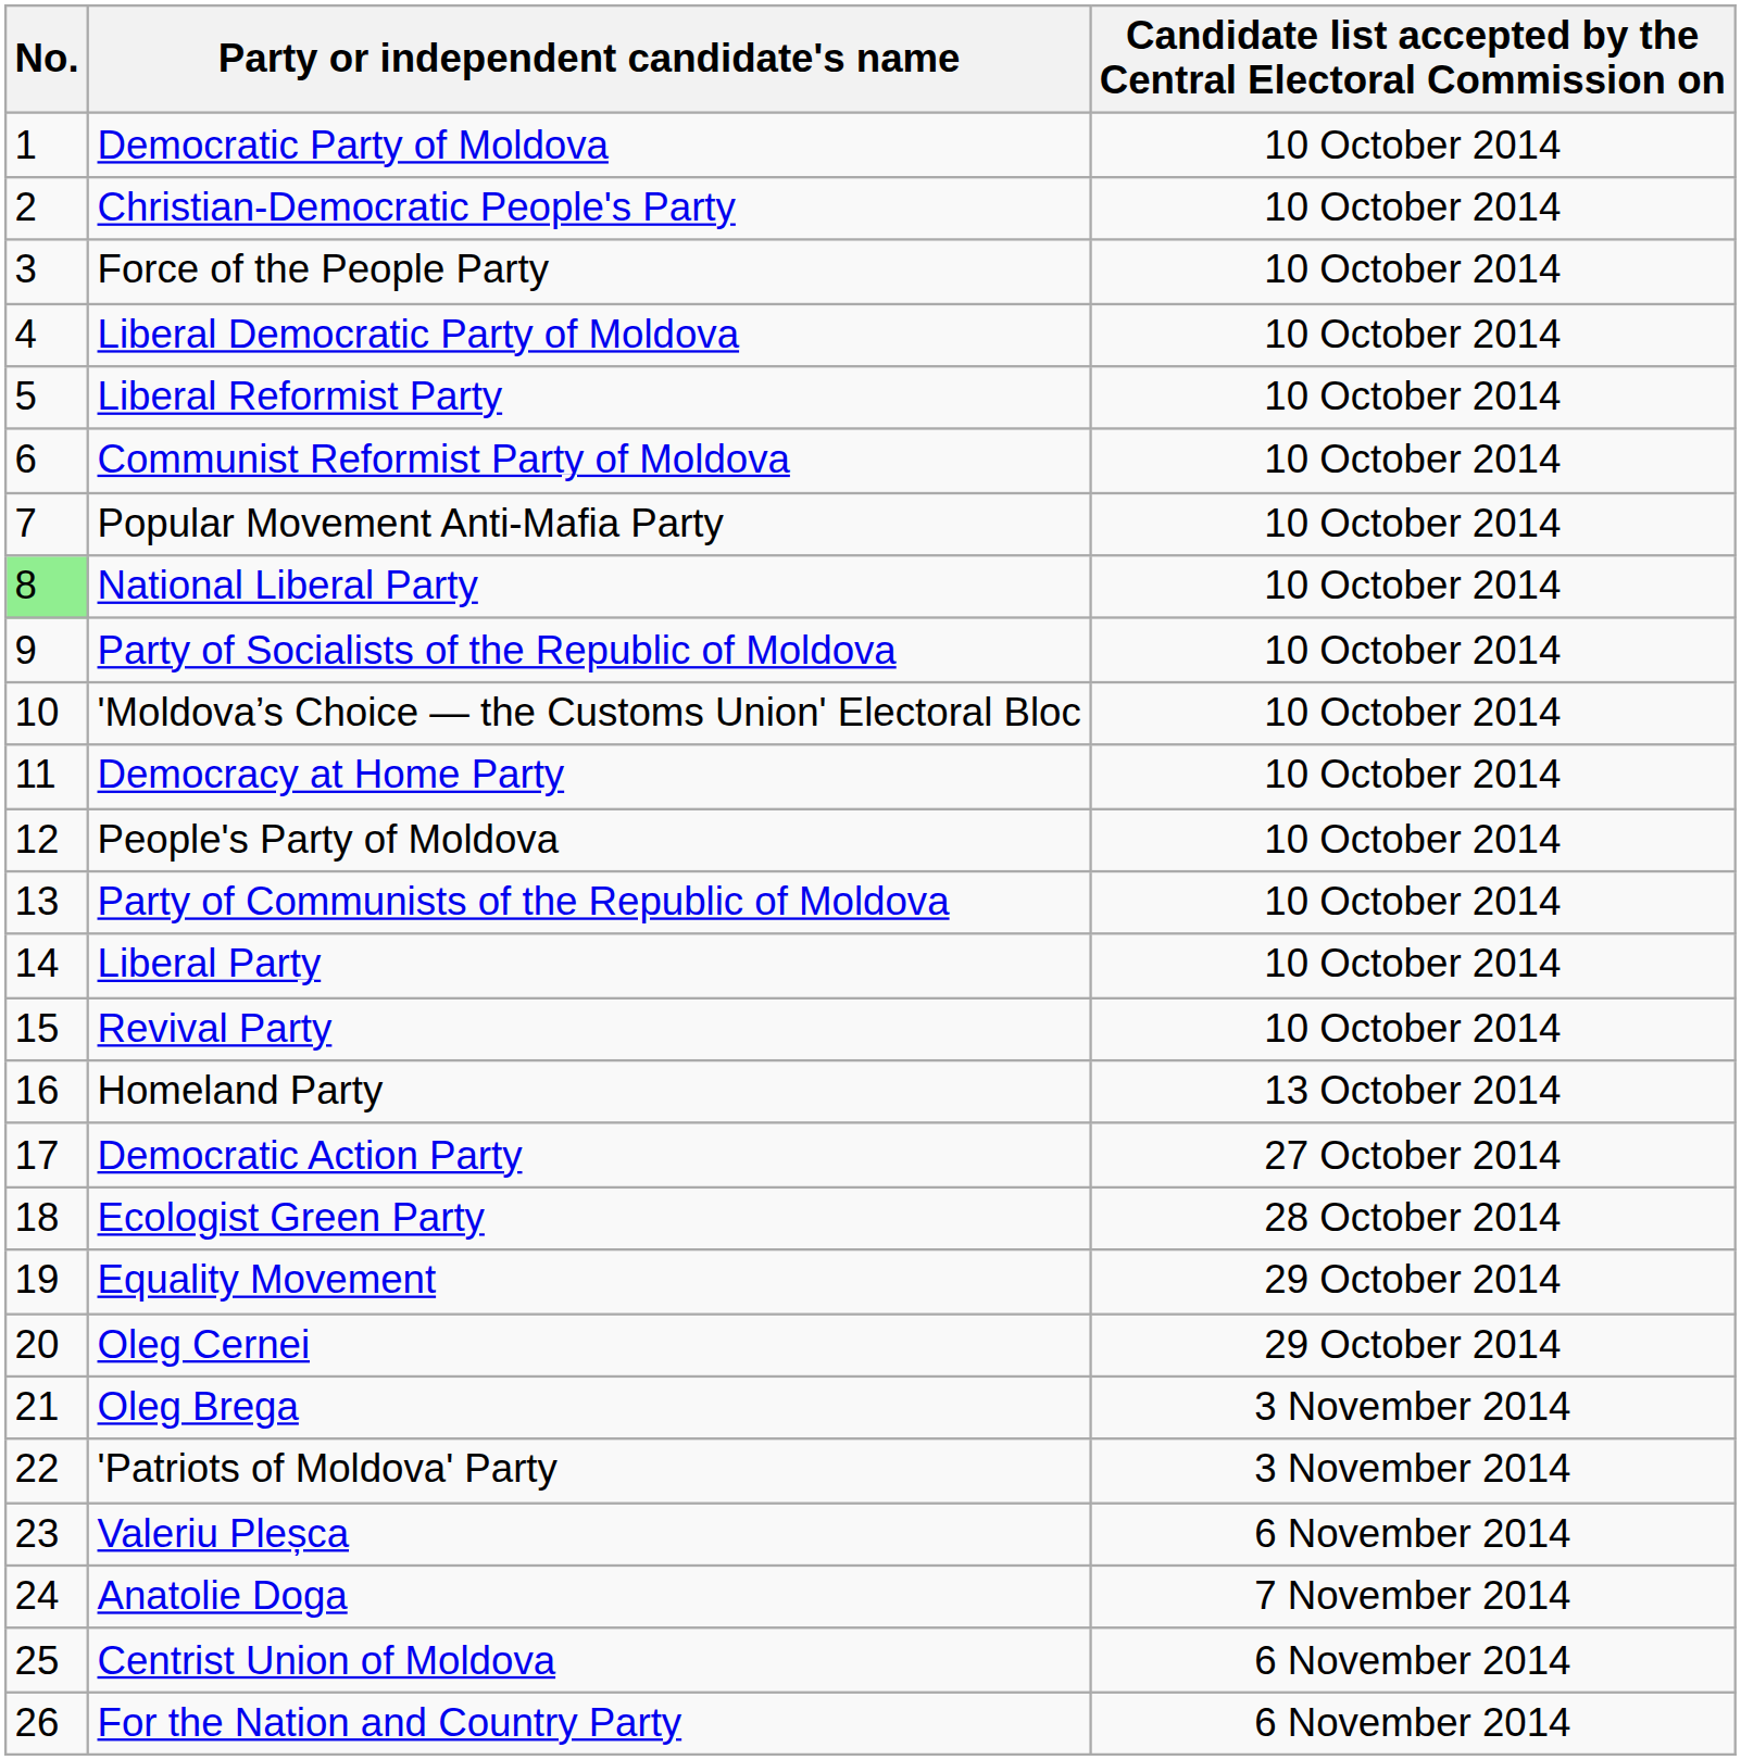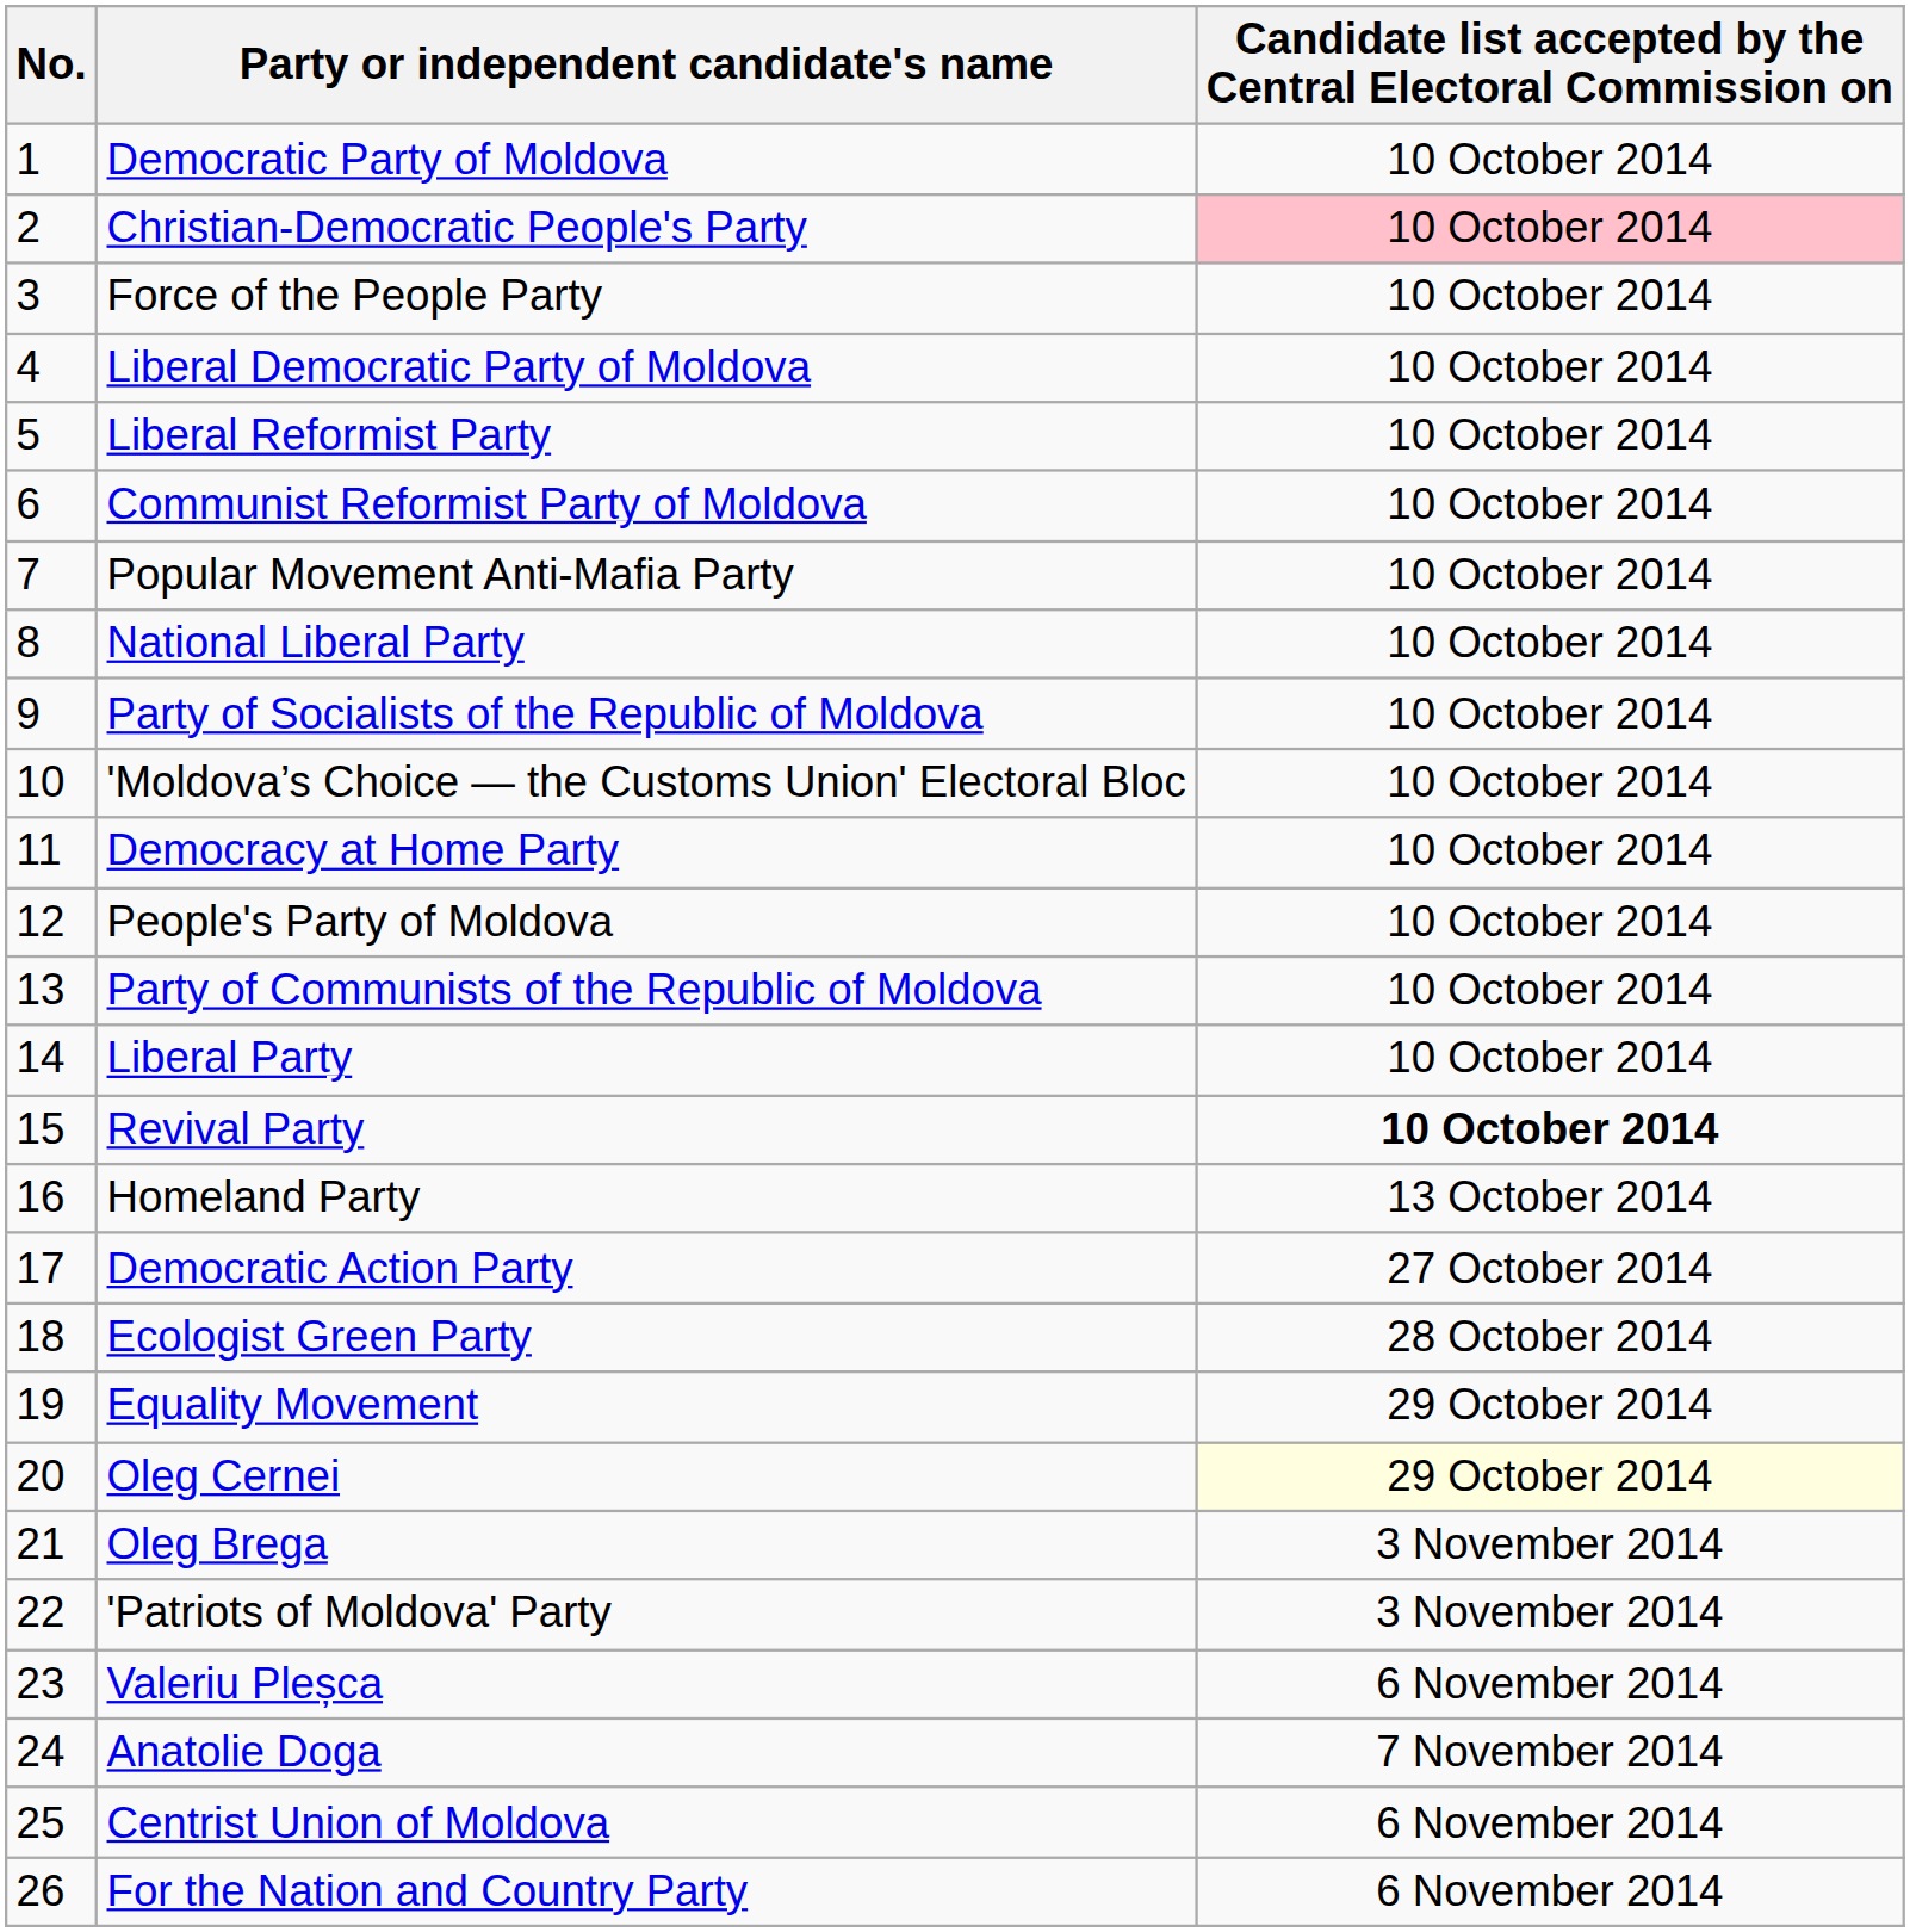 <table class=wikitable style="text-align:center">
 <tr>
 <th>No.</th>
 <th>Party or independent candidate's name</th>
 <th>Candidate list accepted by the<br>Central Electoral Commission on</th>
 </tr>
 <tr>
 <td align=left>1</td>
 <td align=left><a href='#'>Democratic Party of Moldova</a></td>
 <td>10 October 2014</td>
 </tr>
 <tr>
 <td align=left>2</td>
 <td align=left><a href='#'>Christian-Democratic People's Party</a></td>
-<td>10 October 2014</td>
+<td style="background: pink;">10 October 2014</td>
 </tr>
 <tr>
 <td align=left>3</td>
 <td align=left>Force of the People Party</td>
 <td>10 October 2014</td>
 </tr>
 <tr>
 <td align=left>4</td>
 <td align=left><a href='#'>Liberal Democratic Party of Moldova</a></td>
 <td>10 October 2014</td>
 </tr>
 <tr>
 <td align=left>5</td>
 <td align=left><a href='#'>Liberal Reformist Party</a></td>
 <td>10 October 2014</td>
 </tr>
 <tr>
 <td align=left>6</td>
 <td align=left><a href='#'>Communist Reformist Party of Moldova</a></td>
 <td>10 October 2014</td>
 </tr>
 <tr>
 <td align=left>7</td>
 <td align=left>Popular Movement Anti-Mafia Party</td>
 <td>10 October 2014</td>
 </tr>
 <tr>
-<td align=left style="background: lightgreen;">8</td>
+<td align=left>8</td>
 <td align=left><a href='#'>National Liberal Party</a></td>
 <td>10 October 2014</td>
 </tr>
 <tr>
 <td align=left>9</td>
 <td align=left><a href='#'>Party of Socialists of the Republic of Moldova</a></td>
 <td>10 October 2014</td>
 </tr>
 <tr>
 <td align=left>10</td>
 <td align=left>'Moldova’s Choice — the Customs Union' Electoral Bloc</td>
 <td>10 October 2014</td>
 </tr>
 <tr>
 <td align=left>11</td>
 <td align=left><a href='#'>Democracy at Home Party</a></td>
 <td>10 October 2014</td>
 </tr>
 <tr>
 <td align=left>12</td>
 <td align=left>People's Party of Moldova</td>
 <td>10 October 2014</td>
 </tr>
 <tr>
 <td align=left>13</td>
 <td align=left><a href='#'>Party of Communists of the Republic of Moldova</a></td>
 <td>10 October 2014</td>
 </tr>
 <tr>
 <td align=left>14</td>
 <td align=left><a href='#'>Liberal Party</a></td>
 <td>10 October 2014</td>
 </tr>
 <tr>
 <td align=left>15</td>
 <td align=left><a href='#'>Revival Party</a></td>
-<td>10 October 2014</td>
+<td><strong>10 October 2014</strong></td>
 </tr>
 <tr>
 <td align=left>16</td>
 <td align=left>Homeland Party</td>
 <td>13 October 2014</td>
 </tr>
 <tr>
 <td align=left>17</td>
 <td align=left><a href='#'>Democratic Action Party</a></td>
 <td>27 October 2014</td>
 </tr>
 <tr>
 <td align=left>18</td>
 <td align=left><a href='#'>Ecologist Green Party</a></td>
 <td>28 October 2014</td>
 </tr>
 <tr>
 <td align=left>19</td>
 <td align=left><a href='#'>Equality Movement</a></td>
 <td>29 October 2014</td>
 </tr>
 <tr>
 <td align=left>20</td>
 <td align=left><a href='#'>Oleg Cernei</a></td>
-<td>29 October 2014</td>
+<td style="background: lightyellow;">29 October 2014</td>
 </tr>
 <tr>
 <td align=left>21</td>
 <td align=left><a href='#'>Oleg Brega</a></td>
 <td>3 November 2014</td>
 </tr>
 <tr>
 <td align=left>22</td>
 <td align=left>'Patriots of Moldova' Party</td>
 <td>3 November 2014</td>
 </tr>
 <tr>
 <td align=left>23</td>
 <td align=left><a href='#'>Valeriu Pleșca</a></td>
 <td>6 November 2014</td>
 </tr>
 <tr>
 <td align=left>24</td>
 <td align=left><a href='#'>Anatolie Doga</a></td>
 <td>7 November 2014</td>
 </tr>
 <tr>
 <td align=left>25</td>
 <td align=left><a href='#'>Centrist Union of Moldova</a></td>
 <td>6 November 2014</td>
 </tr>
 <tr>
 <td align=left>26</td>
 <td align=left><a href='#'>For the Nation and Country Party</a></td>
 <td>6 November 2014</td>
 </tr>
 <tr>
 </tr>
 </table>
